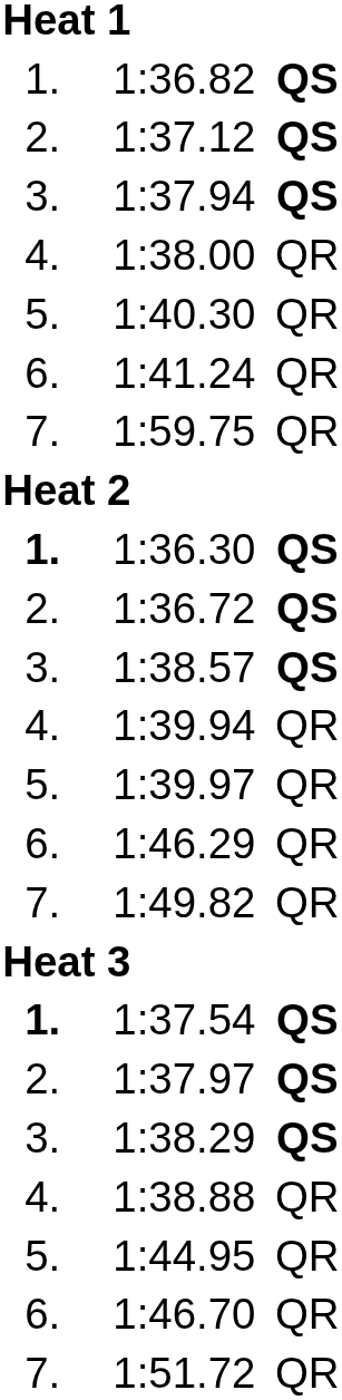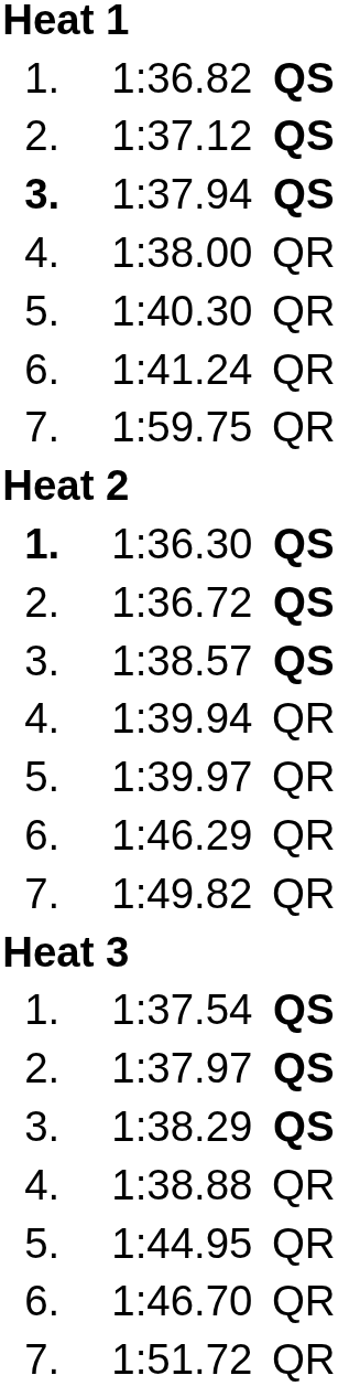 <table style="text-align:center">
 <tr>
 <td colspan=4 align=left><strong>Heat 1</strong></td>
 </tr>
 <tr>
 <td width=30>1.</td>
 <td align=left></td>
 <td width=60>1:36.82</td>
 <td><strong>QS</strong></td>
 </tr>
 <tr>
 <td>2.</td>
 <td align=left></td>
 <td>1:37.12</td>
 <td><strong>QS</strong></td>
 </tr>
 <tr>
-<td>3.</td>
+<td><strong>3.</strong></td>
 <td align=left></td>
 <td>1:37.94</td>
 <td><strong>QS</strong></td>
 </tr>
 <tr>
 <td>4.</td>
 <td align=left></td>
 <td>1:38.00</td>
 <td>QR</td>
 </tr>
 <tr>
 <td>5.</td>
 <td align=left></td>
 <td>1:40.30</td>
 <td>QR</td>
 </tr>
 <tr>
 <td>6.</td>
 <td align=left></td>
 <td>1:41.24</td>
 <td>QR</td>
 </tr>
 <tr>
 <td>7.</td>
 <td align=left></td>
 <td>1:59.75</td>
 <td>QR</td>
 </tr>
 <tr>
 <td colspan=4 align=left><strong>Heat 2</strong></td>
 </tr>
 <tr>
 <td><strong>1.</strong></td>
 <td align=left></td>
 <td>1:36.30</td>
 <td><strong>QS</strong></td>
 </tr>
 <tr>
 <td>2.</td>
 <td align=left></td>
 <td>1:36.72</td>
 <td><strong>QS</strong></td>
 </tr>
 <tr>
 <td>3.</td>
 <td align=left></td>
 <td>1:38.57</td>
 <td><strong>QS</strong></td>
 </tr>
 <tr>
 <td>4.</td>
 <td align=left></td>
 <td>1:39.94</td>
 <td>QR</td>
 </tr>
 <tr>
 <td>5.</td>
 <td align=left></td>
 <td>1:39.97</td>
 <td>QR</td>
 </tr>
 <tr>
 <td>6.</td>
 <td align=left></td>
 <td>1:46.29</td>
 <td>QR</td>
 </tr>
 <tr>
 <td>7.</td>
 <td align=left></td>
 <td>1:49.82</td>
 <td>QR</td>
 </tr>
 <tr>
 <td colspan=4 align=left><strong>Heat 3</strong></td>
 </tr>
 <tr>
-<td><strong>1.</strong></td>
+<td>1.</td>
 <td align=left></td>
 <td>1:37.54</td>
 <td><strong>QS</strong></td>
 </tr>
 <tr>
 <td>2.</td>
 <td align=left></td>
 <td>1:37.97</td>
 <td><strong>QS</strong></td>
 </tr>
 <tr>
 <td>3.</td>
 <td align=left></td>
 <td>1:38.29</td>
 <td><strong>QS</strong></td>
 </tr>
 <tr>
 <td>4.</td>
 <td align=left></td>
 <td>1:38.88</td>
 <td>QR</td>
 </tr>
 <tr>
 <td>5.</td>
 <td align=left></td>
 <td>1:44.95</td>
 <td>QR</td>
 </tr>
 <tr>
 <td>6.</td>
 <td align=left></td>
 <td>1:46.70</td>
 <td>QR</td>
 </tr>
 <tr>
 <td>7.</td>
 <td align=left></td>
 <td>1:51.72</td>
 <td>QR</td>
 </tr>
 </table>
